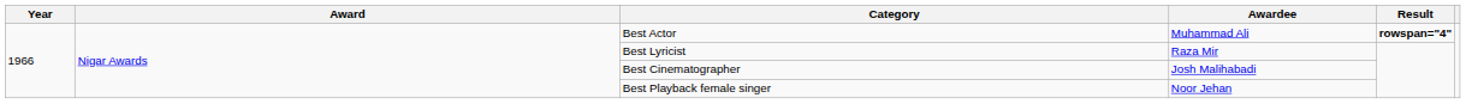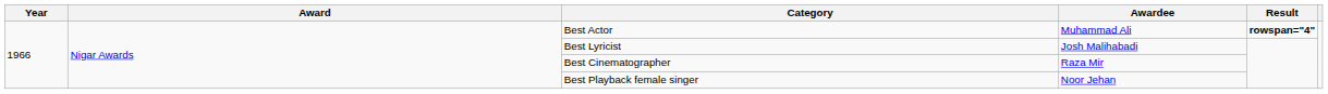 <table class="wikitable plainrowheaders" width=100%>
 <tr>
 <th width=5%>Year</th>
 <th style="width:40%;">Award</th>
 <th style="width:40%;">Category</th>
 <th style="width:40%;">Awardee</th>
 <th style="width:10%;">Result</th>
 <th width=5% class="unsortable"></th>
 </tr>
 <tr>
 <td rowspan="4">1966</td>
 <td rowspan="4"><a href='#'>Nigar Awards</a></td>
 <td>Best Actor</td>
 <td><a href='#'>Muhammad Ali</a></td>
 <td><strong>rowspan="4" </strong></td>
 <td align="center" rowspan="4"></td>
 </tr>
 <tr>
 <td>Best Lyricist</td>
-<td><a href='#'>Raza Mir</a></td>
+<td><a href='#'>Josh Malihabadi</a></td>
 </tr>
 <tr>
 <td>Best Cinematographer</td>
-<td><a href='#'>Josh Malihabadi</a></td>
+<td><a href='#'>Raza Mir</a></td>
 </tr>
 <tr>
 <td>Best Playback female singer</td>
 <td><a href='#'>Noor Jehan</a></td>
 </tr>
 </table>
